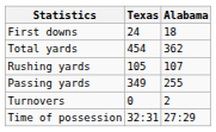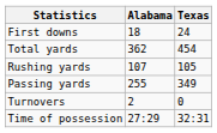 <table class="wikitable" style="float: left;">
 <tr>
 <th>Statistics</th>
+<th>Alabama</th>
 <th>Texas</th>
-<th>Alabama</th>
 </tr>
 <tr>
 <td>First downs</td>
+<td>18</td>
 <td>24</td>
-<td>18</td>
 </tr>
 <tr>
 <td>Total yards</td>
+<td>362</td>
 <td>454</td>
-<td>362</td>
 </tr>
 <tr>
 <td>Rushing yards</td>
+<td>107</td>
 <td>105</td>
-<td>107</td>
 </tr>
 <tr>
 <td>Passing yards</td>
+<td>255</td>
 <td>349</td>
-<td>255</td>
 </tr>
 <tr>
 <td>Turnovers</td>
+<td>2</td>
 <td>0</td>
-<td>2</td>
 </tr>
 <tr>
 <td>Time of possession</td>
+<td>27:29</td>
 <td>32:31</td>
-<td>27:29</td>
 </tr>
 </table>
